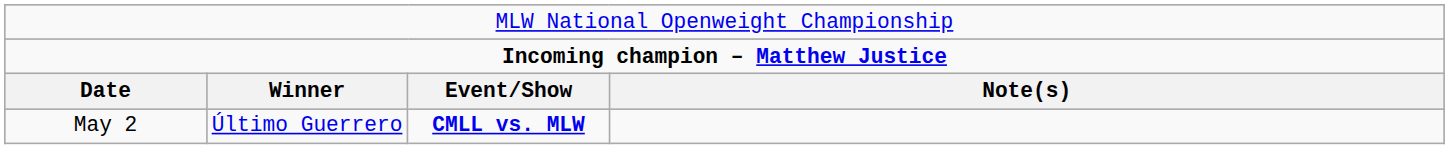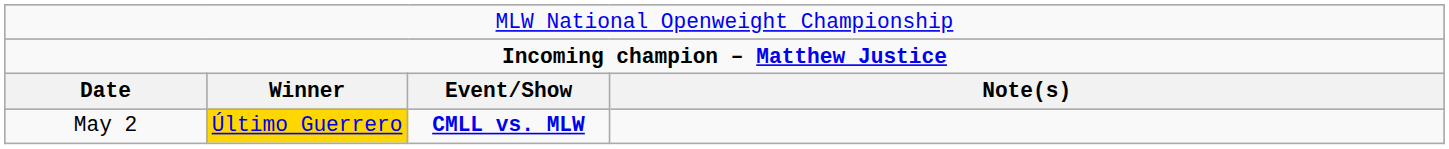 <table class="wikitable" style="text-align:center; width:100%;">
 <tr>
 <td colspan="4" style="text-align: center;"><a href='#'>MLW National Openweight Championship</a></td>
 </tr>
 <tr>
 <td colspan="4" style="text-align: center;"><strong>Incoming champion – <a href='#'>Matthew Justice</a></strong></td>
 </tr>
 <tr>
 <th width=14%>Date</th>
 <th width=14%>Winner</th>
 <th width=14%>Event/Show</th>
 <th width=58%>Note(s)</th>
 </tr>
 <tr>
 <td>May 2</td>
-<td><a href='#'>Último Guerrero</a></td>
+<td style="background: gold;"><a href='#'>Último Guerrero</a></td>
 <td><strong><a href='#'>CMLL vs. MLW</a></strong></td>
 <td></td>
 </tr>
 </table>
